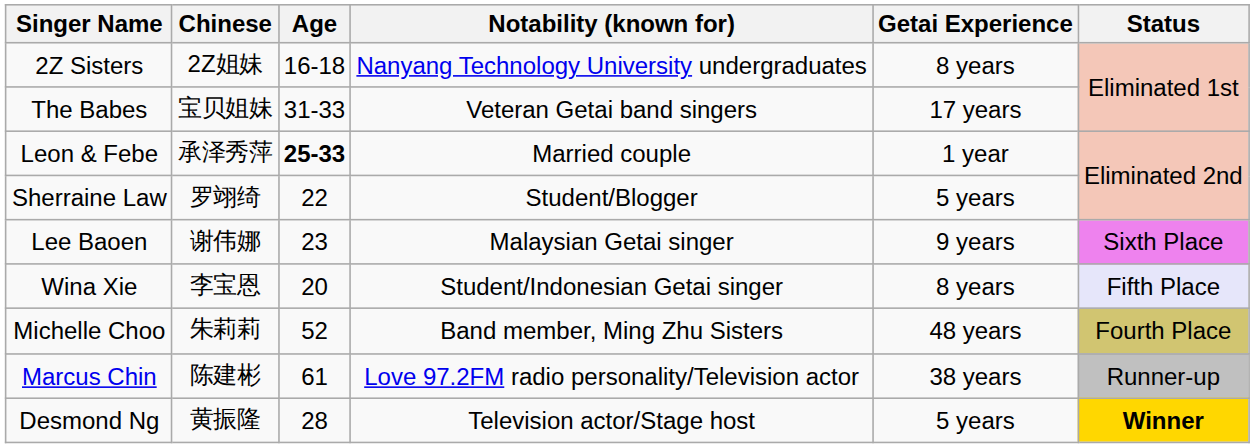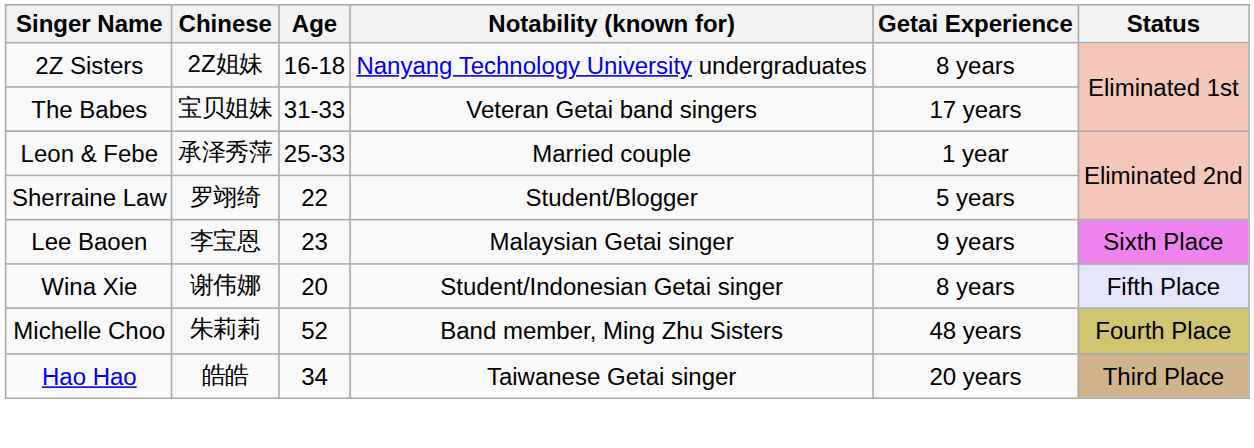 <table class= "wikitable sortable" style="text-align: center; margin:auto; align: center; font-size:95%;">
 <tr>
 <th>Singer Name</th>
 <th>Chinese</th>
 <th>Age</th>
 <th>Notability (known for)</th>
 <th>Getai Experience</th>
 <th>Status</th>
 </tr>
 <tr>
 <td>2Z Sisters</td>
 <td>2Z姐妹</td>
 <td>16-18</td>
 <td><a href='#'>Nanyang Technology University</a> undergraduates</td>
 <td>8 years</td>
 <td style="background:#f4c7b8" rowspan=2>Eliminated 1st<br></td>
 </tr>
 <tr>
 <td>The Babes</td>
 <td>宝贝姐妹</td>
 <td>31-33</td>
 <td>Veteran Getai band singers</td>
 <td>17 years</td>
 </tr>
 <tr>
 <td>Leon & Febe</td>
 <td>承泽秀萍</td>
-<td><strong>25-33</strong></td>
+<td>25-33</td>
 <td>Married couple</td>
 <td>1 year</td>
 <td style="background:#f4c7b8" rowspan="2">Eliminated 2nd<br></td>
 </tr>
 <tr>
 <td>Sherraine Law</td>
 <td>罗翊绮</td>
 <td>22</td>
 <td>Student/Blogger</td>
 <td>5 years</td>
 </tr>
 <tr>
 <td>Lee Baoen</td>
-<td>谢伟娜</td>
+<td>李宝恩</td>
 <td>23</td>
 <td>Malaysian Getai singer</td>
 <td>9 years</td>
 <td style="background:violet">Sixth Place<br></td>
 </tr>
 <tr>
 <td>Wina Xie</td>
-<td>李宝恩</td>
+<td>谢伟娜</td>
 <td>20</td>
 <td>Student/Indonesian Getai singer</td>
 <td>8 years</td>
 <td style="background:lavender">Fifth Place<br></td>
 </tr>
 <tr>
 <td>Michelle Choo</td>
 <td>朱莉莉</td>
 <td>52</td>
 <td>Band member, Ming Zhu Sisters</td>
 <td>48 years</td>
 <td style="background:#d1c571">Fourth Place<br></td>
 </tr>
 <tr>
-<td><a href='#'>Marcus Chin</a></td>
-<td>陈建彬</td>
-<td>61</td>
-<td><a href='#'>Love 97.2FM</a> radio personality/Television actor</td>
-<td>38 years</td>
-<td style="background:silver;">Runner-up<br></td>
-</tr>
-<tr>
-<td>Desmond Ng</td>
-<td>黄振隆</td>
-<td>28</td>
-<td>Television actor/Stage host</td>
-<td>5 years</td>
-<td style="background:gold;"><strong>Winner</strong><br></td>
+<td><a href='#'>Hao Hao</a></td>
+<td>皓皓</td>
+<td>34</td>
+<td>Taiwanese Getai singer</td>
+<td>20 years</td>
+<td style="background:tan;">Third Place<br></td>
 </tr>
 </table>
